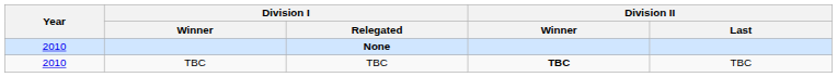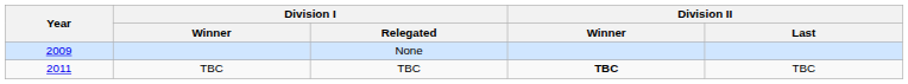 <table class="wikitable" width="98%" style="text-align:center;">
 <tr>
 <th rowspan="2">Year</th>
 <th colspan="2">Division I</th>
 <th colspan="2">Division II</th>
 </tr>
 <tr>
 <th width=22%>Winner</th>
 <th width=22%>Relegated</th>
 <th width=22%>Winner</th>
 <th width=22%>Last</th>
 </tr>
 <tr style="background: #D0E6FF;">
-<td align="center"><a href='#'>2010</a></td>
+<td align="center"><a href='#'>2009</a></td>
 <td></td>
-<td><strong>None</strong></td>
+<td>None</td>
 <td></td>
 <td></td>
 </tr>
 <tr>
-<td><a href='#'>2010</a></td>
+<td><a href='#'>2011</a></td>
 <td>TBC</td>
 <td>TBC</td>
 <td><strong>TBC</strong></td>
 <td>TBC</td>
 </tr>
 </table>
